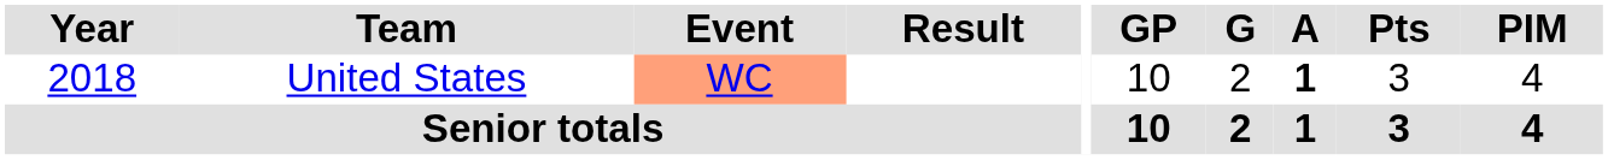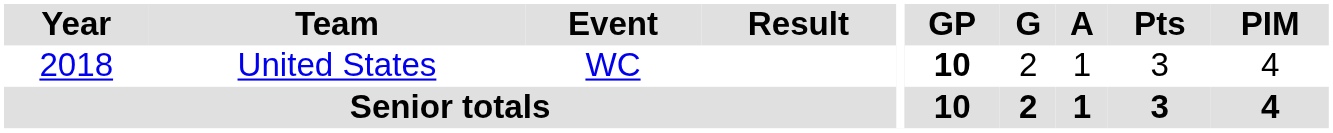 <table border="0" cellpadding="1" cellspacing="0" ID="Table3" style="text-align:center; width:40em">
 <tr ALIGN="center" bgcolor="#e0e0e0">
 <th>Year</th>
 <th>Team</th>
 <th>Event</th>
 <th>Result</th>
 <th rowspan="100" bgcolor="#ffffff"></th>
 <th>GP</th>
 <th>G</th>
 <th>A</th>
 <th>Pts</th>
 <th>PIM</th>
 </tr>
 <tr>
 <td><a href='#'>2018</a></td>
 <td><a href='#'>United States</a></td>
-<td style="background: lightsalmon;"><a href='#'>WC</a></td>
+<td><a href='#'>WC</a></td>
 <td></td>
-<td>10</td>
+<td><strong>10</strong></td>
 <td>2</td>
-<td><strong>1</strong></td>
+<td>1</td>
 <td>3</td>
 <td>4</td>
 </tr>
 <tr bgcolor="#e0e0e0">
 <th colspan="4">Senior totals</th>
 <th>10</th>
 <th>2</th>
 <th>1</th>
 <th>3</th>
 <th>4</th>
 </tr>
 </table>
